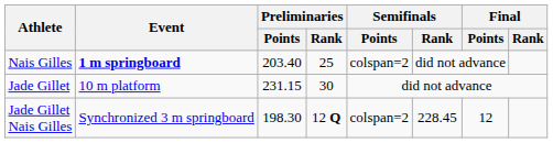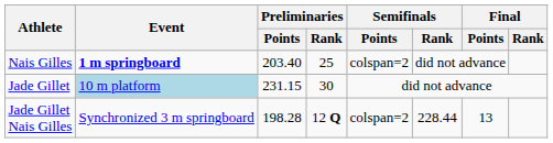 <table class="wikitable" style="text-align:center; font-size:90%">
 <tr>
 <th rowspan="2">Athlete</th>
 <th rowspan="2">Event</th>
 <th colspan="2">Preliminaries</th>
 <th colspan="2">Semifinals</th>
 <th colspan="2">Final</th>
 </tr>
 <tr style="font-size:95%">
 <th>Points</th>
 <th>Rank</th>
 <th>Points</th>
 <th>Rank</th>
 <th>Points</th>
 <th>Rank</th>
 </tr>
 <tr>
 <td align=left><a href='#'>Nais Gilles</a></td>
 <td align=left><strong><a href='#'>1 m springboard</a></strong></td>
 <td>203.40</td>
 <td>25</td>
 <td>colspan=2 </td>
 <td colspan=2>did not advance</td>
 </tr>
 <tr>
 <td align=left><a href='#'>Jade Gillet</a></td>
-<td align=left><a href='#'>10 m platform</a></td>
+<td align=left style="background: lightblue;"><a href='#'>10 m platform</a></td>
 <td>231.15</td>
 <td>30</td>
 <td colspan=4>did not advance</td>
 </tr>
 <tr>
 <td align=left><a href='#'>Jade Gillet</a> <br><a href='#'>Nais Gilles</a></td>
 <td align=left><a href='#'>Synchronized 3 m springboard</a></td>
-<td>198.30</td>
+<td>198.28</td>
 <td>12 <strong>Q</strong></td>
 <td>colspan=2 </td>
-<td>228.45</td>
-<td>12</td>
+<td>228.44</td>
+<td>13</td>
 </tr>
 </table>
